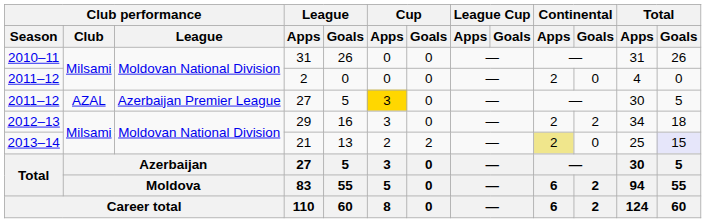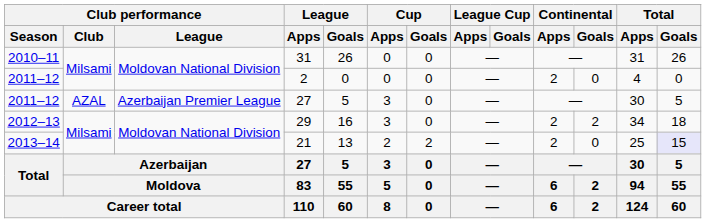 <table class="wikitable" style="text-align:center">
 <tr>
 <th colspan=3>Club performance</th>
 <th colspan=2>League</th>
 <th colspan=2>Cup</th>
 <th colspan=2>League Cup</th>
 <th colspan=2>Continental</th>
 <th colspan=2>Total</th>
 </tr>
 <tr>
 <th>Season</th>
 <th>Club</th>
 <th>League</th>
 <th>Apps</th>
 <th>Goals</th>
 <th>Apps</th>
 <th>Goals</th>
 <th>Apps</th>
 <th>Goals</th>
 <th>Apps</th>
 <th>Goals</th>
 <th>Apps</th>
 <th>Goals</th>
 </tr>
 <tr>
 <td><a href='#'>2010–11</a></td>
 <td rowspan="2"><a href='#'>Milsami</a></td>
 <td rowspan="2"><a href='#'>Moldovan National Division</a></td>
 <td>31</td>
 <td>26</td>
 <td>0</td>
 <td>0</td>
 <td colspan="2">—</td>
 <td colspan="2">—</td>
 <td>31</td>
 <td>26</td>
 </tr>
 <tr>
 <td><a href='#'>2011–12</a></td>
 <td>2</td>
 <td>0</td>
 <td>0</td>
 <td>0</td>
 <td colspan="2">—</td>
 <td>2</td>
 <td>0</td>
 <td>4</td>
 <td>0</td>
 </tr>
 <tr>
 <td><a href='#'>2011–12</a></td>
 <td><a href='#'>AZAL</a></td>
 <td><a href='#'>Azerbaijan Premier League</a></td>
 <td>27</td>
 <td>5</td>
-<td style="background: gold;">3</td>
+<td>3</td>
 <td>0</td>
 <td colspan="2">—</td>
 <td colspan="2">—</td>
 <td>30</td>
 <td>5</td>
 </tr>
 <tr>
 <td><a href='#'>2012–13</a></td>
 <td rowspan="2"><a href='#'>Milsami</a></td>
 <td rowspan="2"><a href='#'>Moldovan National Division</a></td>
 <td>29</td>
 <td>16</td>
 <td>3</td>
 <td>0</td>
 <td colspan="2">—</td>
 <td>2</td>
 <td>2</td>
 <td>34</td>
 <td>18</td>
 </tr>
 <tr>
 <td><a href='#'>2013–14</a></td>
 <td>21</td>
 <td>13</td>
 <td>2</td>
 <td>2</td>
 <td colspan="2">—</td>
-<td style="background: khaki;">2</td>
+<td>2</td>
 <td>0</td>
 <td>25</td>
 <td style="background: lavender;">15</td>
 </tr>
 <tr>
 <th rowspan=2>Total</th>
 <th colspan=2>Azerbaijan</th>
 <th>27</th>
 <th>5</th>
 <th>3</th>
 <th>0</th>
 <th colspan="2">—</th>
 <th colspan="2">—</th>
 <th>30</th>
 <th>5</th>
 </tr>
 <tr>
 <th colspan=2>Moldova</th>
 <th>83</th>
 <th>55</th>
 <th>5</th>
 <th>0</th>
 <th colspan="2">—</th>
 <th>6</th>
 <th>2</th>
 <th>94</th>
 <th>55</th>
 </tr>
 <tr>
 <th colspan=3>Career total</th>
 <th>110</th>
 <th>60</th>
 <th>8</th>
 <th>0</th>
 <th colspan="2">—</th>
 <th>6</th>
 <th>2</th>
 <th>124</th>
 <th>60</th>
 </tr>
 </table>
